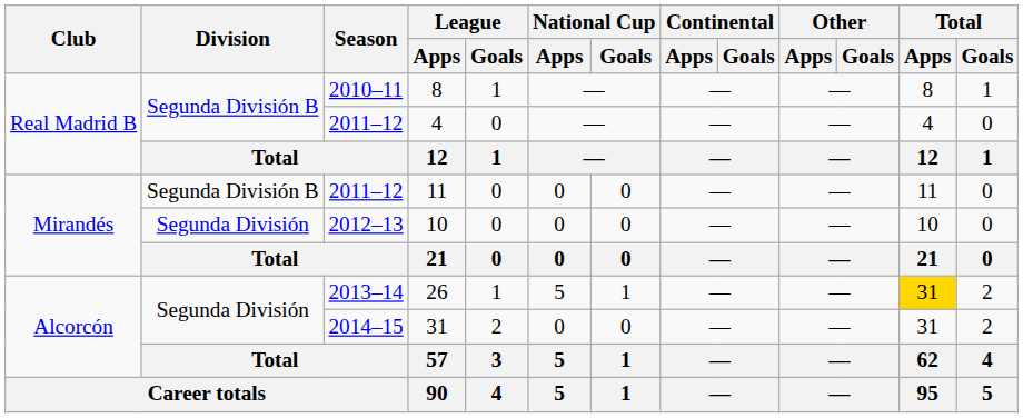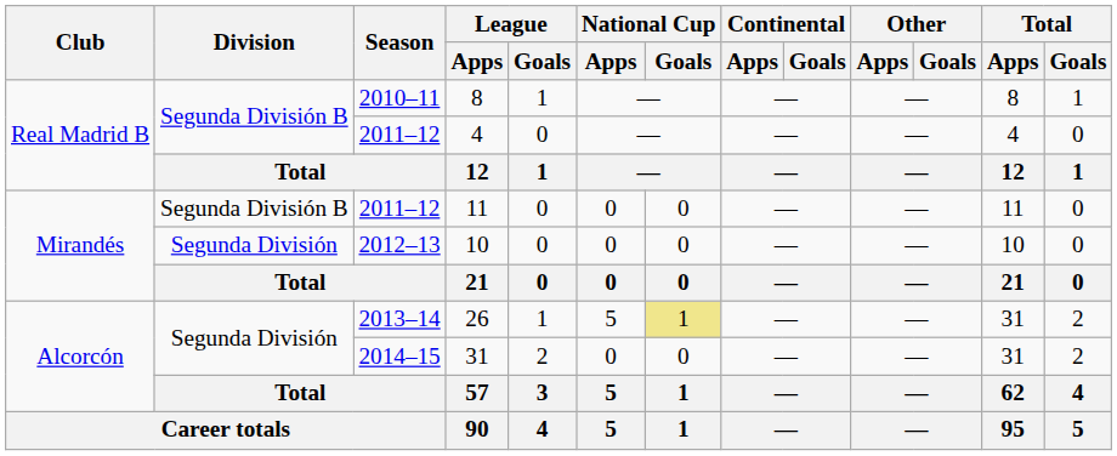 <table class="wikitable" style="text-align: center;">
 <tr>
 <th rowspan=2>Club</th>
 <th rowspan=2>Division</th>
 <th rowspan=2>Season</th>
 <th colspan=2>League</th>
 <th colspan=2>National Cup</th>
 <th colspan=2>Continental</th>
 <th colspan=2>Other</th>
 <th colspan=2>Total</th>
 </tr>
 <tr>
 <th>Apps</th>
 <th>Goals</th>
 <th>Apps</th>
 <th>Goals</th>
 <th>Apps</th>
 <th>Goals</th>
 <th>Apps</th>
 <th>Goals</th>
 <th>Apps</th>
 <th>Goals</th>
 </tr>
 <tr>
 <td rowspan="3"><a href='#'>Real Madrid B</a></td>
 <td rowspan="2"><a href='#'>Segunda División B</a></td>
 <td><a href='#'>2010–11</a></td>
 <td>8</td>
 <td>1</td>
 <td colspan="2">—</td>
 <td colspan="2">—</td>
 <td colspan="2">—</td>
 <td>8</td>
 <td>1</td>
 </tr>
 <tr>
 <td><a href='#'>2011–12</a></td>
 <td>4</td>
 <td>0</td>
 <td colspan="2">—</td>
 <td colspan="2">—</td>
 <td colspan="2">—</td>
 <td>4</td>
 <td>0</td>
 </tr>
 <tr>
 <th colspan="2">Total</th>
 <th>12</th>
 <th>1</th>
 <th colspan="2">—</th>
 <th colspan="2">—</th>
 <th colspan="2">—</th>
 <th>12</th>
 <th>1</th>
 </tr>
 <tr>
 <td rowspan="3"><a href='#'>Mirandés</a></td>
 <td>Segunda División B</td>
 <td><a href='#'>2011–12</a></td>
 <td>11</td>
 <td>0</td>
 <td>0</td>
 <td>0</td>
 <td colspan="2">—</td>
 <td colspan="2">—</td>
 <td>11</td>
 <td>0</td>
 </tr>
 <tr>
 <td><a href='#'>Segunda División</a></td>
 <td><a href='#'>2012–13</a></td>
 <td>10</td>
 <td>0</td>
 <td>0</td>
 <td>0</td>
 <td colspan="2">—</td>
 <td colspan="2">—</td>
 <td>10</td>
 <td>0</td>
 </tr>
 <tr>
 <th colspan="2">Total</th>
 <th>21</th>
 <th>0</th>
 <th>0</th>
 <th>0</th>
 <th colspan="2">—</th>
 <th colspan="2">—</th>
 <th>21</th>
 <th>0</th>
 </tr>
 <tr>
 <td rowspan="3"><a href='#'>Alcorcón</a></td>
 <td rowspan="2">Segunda División</td>
 <td><a href='#'>2013–14</a></td>
 <td>26</td>
 <td>1</td>
 <td>5</td>
-<td>1</td>
+<td style="background: khaki;">1</td>
 <td colspan="2">—</td>
 <td colspan="2">—</td>
-<td style="background: gold;">31</td>
+<td>31</td>
 <td>2</td>
 </tr>
 <tr>
 <td><a href='#'>2014–15</a></td>
 <td>31</td>
 <td>2</td>
 <td>0</td>
 <td>0</td>
 <td colspan="2">—</td>
 <td colspan="2">—</td>
 <td>31</td>
 <td>2</td>
 </tr>
 <tr>
 <th colspan="2">Total</th>
 <th>57</th>
 <th>3</th>
 <th>5</th>
 <th>1</th>
 <th colspan="2">—</th>
 <th colspan="2">—</th>
 <th>62</th>
 <th>4</th>
 </tr>
 <tr>
 <th colspan="3">Career totals</th>
 <th>90</th>
 <th>4</th>
 <th>5</th>
 <th>1</th>
 <th colspan="2">—</th>
 <th colspan="2">—</th>
 <th>95</th>
 <th>5</th>
 </tr>
 </table>
